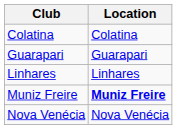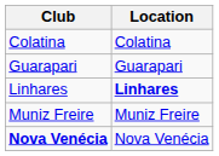 <table class="wikitable sortable">
 <tr>
 <th>Club</th>
 <th>Location</th>
 </tr>
 <tr>
 <td><a href='#'>Colatina</a></td>
 <td><a href='#'>Colatina</a></td>
 </tr>
 <tr>
 <td><a href='#'>Guarapari</a></td>
 <td><a href='#'>Guarapari</a></td>
 </tr>
 <tr>
 <td><a href='#'>Linhares</a></td>
-<td><a href='#'>Linhares</a></td>
+<td><strong><a href='#'>Linhares</a></strong></td>
 </tr>
 <tr>
 <td><a href='#'>Muniz Freire</a></td>
-<td><strong><a href='#'>Muniz Freire</a></strong></td>
+<td><a href='#'>Muniz Freire</a></td>
 </tr>
 <tr>
-<td><a href='#'>Nova Venécia</a></td>
+<td><strong><a href='#'>Nova Venécia</a></strong></td>
 <td><a href='#'>Nova Venécia</a></td>
 </tr>
 </table>
